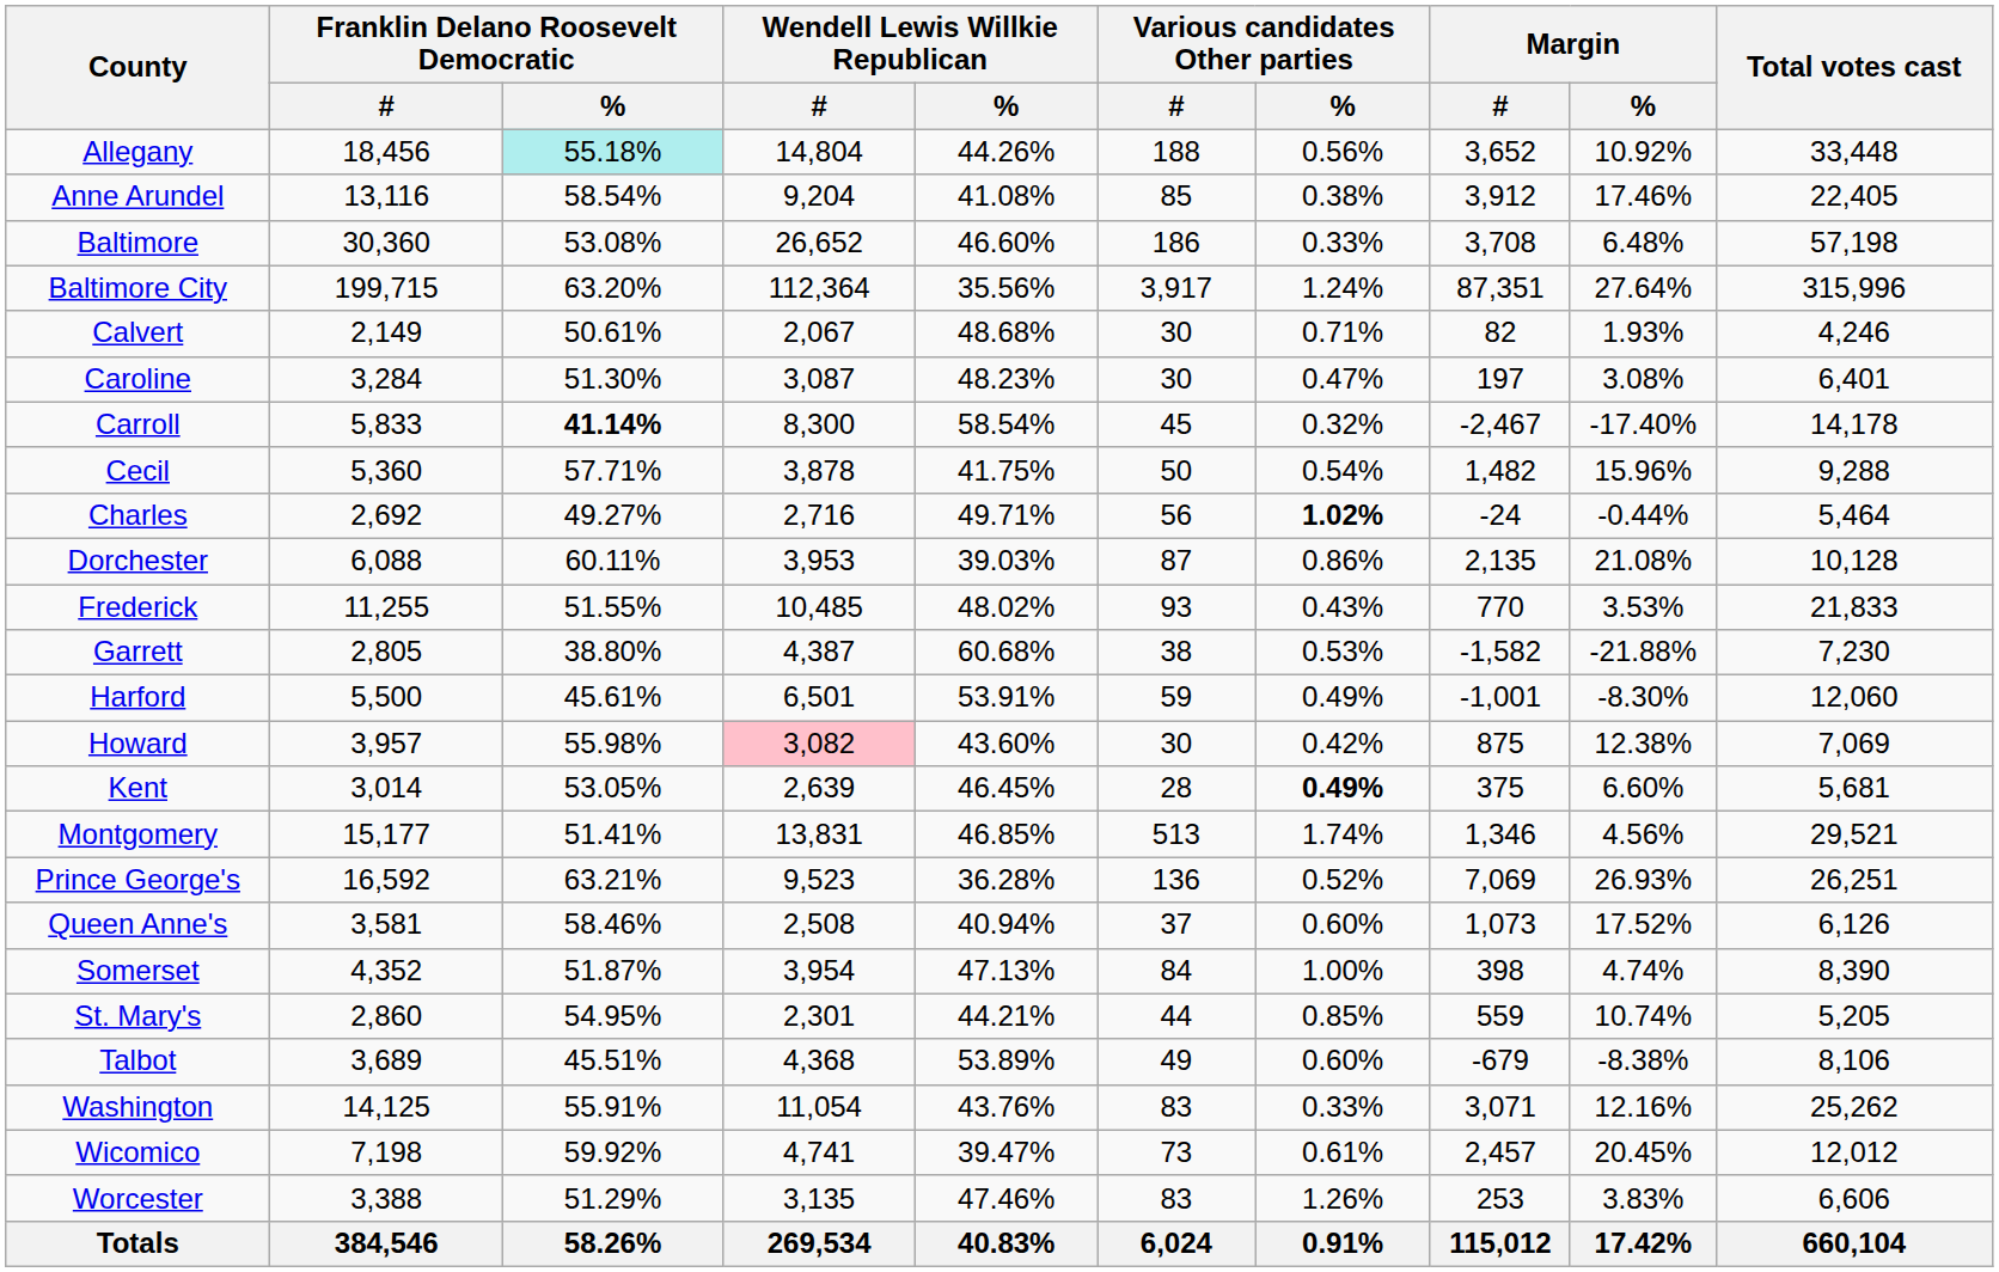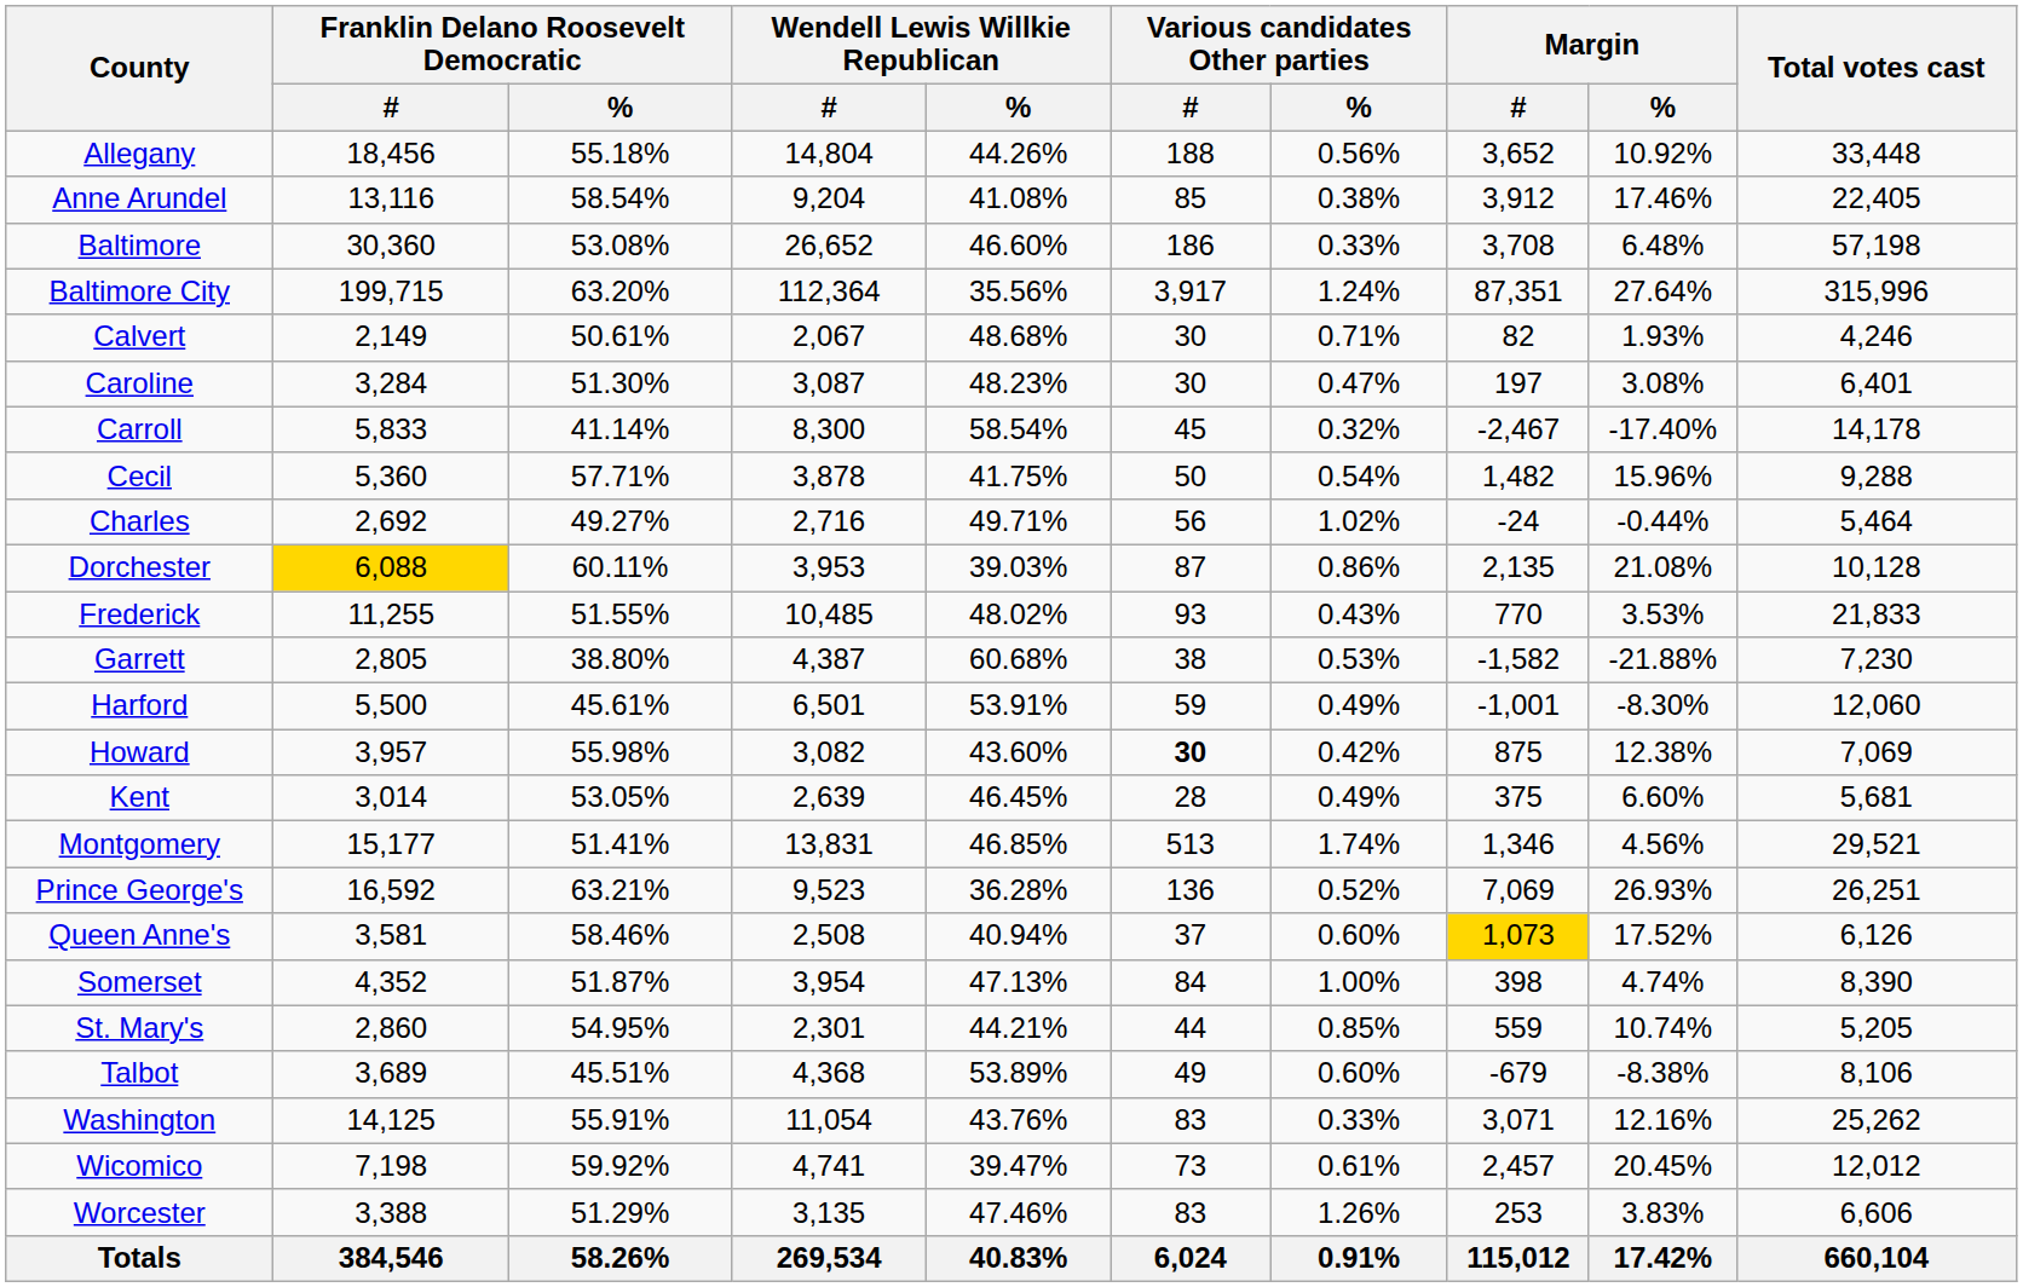 <table width="70%"  class="wikitable sortable" style="text-align:center">
 <tr>
 <th style="text-align:center;" rowspan="2">County</th>
 <th style="text-align:center;" colspan="2">Franklin Delano Roosevelt<br>Democratic</th>
 <th style="text-align:center;" colspan="2">Wendell Lewis Willkie<br>Republican</th>
 <th colspan="2" style="text-align:center;">Various candidates<br>Other parties</th>
 <th style="text-align:center;" colspan="2">Margin</th>
 <th style="text-align:center;" rowspan="2">Total votes cast</th>
 </tr>
 <tr>
 <th style="text-align:center;" data-sort-type="number">#</th>
 <th style="text-align:center;" data-sort-type="number">%</th>
 <th style="text-align:center;" data-sort-type="number">#</th>
 <th style="text-align:center;" data-sort-type="number">%</th>
 <th style="text-align:center;" data-sort-type="number">#</th>
 <th style="text-align:center;" data-sort-type="number">%</th>
 <th style="text-align:center;" data-sort-type="number">#</th>
 <th style="text-align:center;" data-sort-type="number">%</th>
 </tr>
 <tr style="text-align:center;">
 <td><a href='#'>Allegany</a></td>
 <td>18,456</td>
-<td style="background: paleturquoise;">55.18%</td>
+<td>55.18%</td>
 <td>14,804</td>
 <td>44.26%</td>
 <td>188</td>
 <td>0.56%</td>
 <td>3,652</td>
 <td>10.92%</td>
 <td>33,448</td>
 </tr>
 <tr style="text-align:center;">
 <td><a href='#'>Anne Arundel</a></td>
 <td>13,116</td>
 <td>58.54%</td>
 <td>9,204</td>
 <td>41.08%</td>
 <td>85</td>
 <td>0.38%</td>
 <td>3,912</td>
 <td>17.46%</td>
 <td>22,405</td>
 </tr>
 <tr style="text-align:center;">
 <td><a href='#'>Baltimore</a></td>
 <td>30,360</td>
 <td>53.08%</td>
 <td>26,652</td>
 <td>46.60%</td>
 <td>186</td>
 <td>0.33%</td>
 <td>3,708</td>
 <td>6.48%</td>
 <td>57,198</td>
 </tr>
 <tr style="text-align:center;">
 <td><a href='#'>Baltimore City</a></td>
 <td>199,715</td>
 <td>63.20%</td>
 <td>112,364</td>
 <td>35.56%</td>
 <td>3,917</td>
 <td>1.24%</td>
 <td>87,351</td>
 <td>27.64%</td>
 <td>315,996</td>
 </tr>
 <tr style="text-align:center;">
 <td><a href='#'>Calvert</a></td>
 <td>2,149</td>
 <td>50.61%</td>
 <td>2,067</td>
 <td>48.68%</td>
 <td>30</td>
 <td>0.71%</td>
 <td>82</td>
 <td>1.93%</td>
 <td>4,246</td>
 </tr>
 <tr style="text-align:center;">
 <td><a href='#'>Caroline</a></td>
 <td>3,284</td>
 <td>51.30%</td>
 <td>3,087</td>
 <td>48.23%</td>
 <td>30</td>
 <td>0.47%</td>
 <td>197</td>
 <td>3.08%</td>
 <td>6,401</td>
 </tr>
 <tr style="text-align:center;">
 <td><a href='#'>Carroll</a></td>
 <td>5,833</td>
-<td><strong>41.14%</strong></td>
+<td>41.14%</td>
 <td>8,300</td>
 <td>58.54%</td>
 <td>45</td>
 <td>0.32%</td>
 <td>-2,467</td>
 <td>-17.40%</td>
 <td>14,178</td>
 </tr>
 <tr style="text-align:center;">
 <td><a href='#'>Cecil</a></td>
 <td>5,360</td>
 <td>57.71%</td>
 <td>3,878</td>
 <td>41.75%</td>
 <td>50</td>
 <td>0.54%</td>
 <td>1,482</td>
 <td>15.96%</td>
 <td>9,288</td>
 </tr>
 <tr style="text-align:center;">
 <td><a href='#'>Charles</a></td>
 <td>2,692</td>
 <td>49.27%</td>
 <td>2,716</td>
 <td>49.71%</td>
 <td>56</td>
-<td><strong>1.02%</strong></td>
+<td>1.02%</td>
 <td>-24</td>
 <td>-0.44%</td>
 <td>5,464</td>
 </tr>
 <tr style="text-align:center;">
 <td><a href='#'>Dorchester</a></td>
-<td>6,088</td>
+<td style="background: gold;">6,088</td>
 <td>60.11%</td>
 <td>3,953</td>
 <td>39.03%</td>
 <td>87</td>
 <td>0.86%</td>
 <td>2,135</td>
 <td>21.08%</td>
 <td>10,128</td>
 </tr>
 <tr style="text-align:center;">
 <td><a href='#'>Frederick</a></td>
 <td>11,255</td>
 <td>51.55%</td>
 <td>10,485</td>
 <td>48.02%</td>
 <td>93</td>
 <td>0.43%</td>
 <td>770</td>
 <td>3.53%</td>
 <td>21,833</td>
 </tr>
 <tr style="text-align:center;">
 <td><a href='#'>Garrett</a></td>
 <td>2,805</td>
 <td>38.80%</td>
 <td>4,387</td>
 <td>60.68%</td>
 <td>38</td>
 <td>0.53%</td>
 <td>-1,582</td>
 <td>-21.88%</td>
 <td>7,230</td>
 </tr>
 <tr style="text-align:center;">
 <td><a href='#'>Harford</a></td>
 <td>5,500</td>
 <td>45.61%</td>
 <td>6,501</td>
 <td>53.91%</td>
 <td>59</td>
 <td>0.49%</td>
 <td>-1,001</td>
 <td>-8.30%</td>
 <td>12,060</td>
 </tr>
 <tr style="text-align:center;">
 <td><a href='#'>Howard</a></td>
 <td>3,957</td>
 <td>55.98%</td>
-<td style="background: pink;">3,082</td>
+<td>3,082</td>
 <td>43.60%</td>
-<td>30</td>
+<td><strong>30</strong></td>
 <td>0.42%</td>
 <td>875</td>
 <td>12.38%</td>
 <td>7,069</td>
 </tr>
 <tr style="text-align:center;">
 <td><a href='#'>Kent</a></td>
 <td>3,014</td>
 <td>53.05%</td>
 <td>2,639</td>
 <td>46.45%</td>
 <td>28</td>
-<td><strong>0.49%</strong></td>
+<td>0.49%</td>
 <td>375</td>
 <td>6.60%</td>
 <td>5,681</td>
 </tr>
 <tr style="text-align:center;">
 <td><a href='#'>Montgomery</a></td>
 <td>15,177</td>
 <td>51.41%</td>
 <td>13,831</td>
 <td>46.85%</td>
 <td>513</td>
 <td>1.74%</td>
 <td>1,346</td>
 <td>4.56%</td>
 <td>29,521</td>
 </tr>
 <tr style="text-align:center;">
 <td><a href='#'>Prince George's</a></td>
 <td>16,592</td>
 <td>63.21%</td>
 <td>9,523</td>
 <td>36.28%</td>
 <td>136</td>
 <td>0.52%</td>
 <td>7,069</td>
 <td>26.93%</td>
 <td>26,251</td>
 </tr>
 <tr style="text-align:center;">
 <td><a href='#'>Queen Anne's</a></td>
 <td>3,581</td>
 <td>58.46%</td>
 <td>2,508</td>
 <td>40.94%</td>
 <td>37</td>
 <td>0.60%</td>
-<td>1,073</td>
+<td style="background: gold;">1,073</td>
 <td>17.52%</td>
 <td>6,126</td>
 </tr>
 <tr style="text-align:center;">
 <td><a href='#'>Somerset</a></td>
 <td>4,352</td>
 <td>51.87%</td>
 <td>3,954</td>
 <td>47.13%</td>
 <td>84</td>
 <td>1.00%</td>
 <td>398</td>
 <td>4.74%</td>
 <td>8,390</td>
 </tr>
 <tr style="text-align:center;">
 <td><a href='#'>St. Mary's</a></td>
 <td>2,860</td>
 <td>54.95%</td>
 <td>2,301</td>
 <td>44.21%</td>
 <td>44</td>
 <td>0.85%</td>
 <td>559</td>
 <td>10.74%</td>
 <td>5,205</td>
 </tr>
 <tr style="text-align:center;">
 <td><a href='#'>Talbot</a></td>
 <td>3,689</td>
 <td>45.51%</td>
 <td>4,368</td>
 <td>53.89%</td>
 <td>49</td>
 <td>0.60%</td>
 <td>-679</td>
 <td>-8.38%</td>
 <td>8,106</td>
 </tr>
 <tr style="text-align:center;">
 <td><a href='#'>Washington</a></td>
 <td>14,125</td>
 <td>55.91%</td>
 <td>11,054</td>
 <td>43.76%</td>
 <td>83</td>
 <td>0.33%</td>
 <td>3,071</td>
 <td>12.16%</td>
 <td>25,262</td>
 </tr>
 <tr style="text-align:center;">
 <td><a href='#'>Wicomico</a></td>
 <td>7,198</td>
 <td>59.92%</td>
 <td>4,741</td>
 <td>39.47%</td>
 <td>73</td>
 <td>0.61%</td>
 <td>2,457</td>
 <td>20.45%</td>
 <td>12,012</td>
 </tr>
 <tr style="text-align:center;">
 <td><a href='#'>Worcester</a></td>
 <td>3,388</td>
 <td>51.29%</td>
 <td>3,135</td>
 <td>47.46%</td>
 <td>83</td>
 <td>1.26%</td>
 <td>253</td>
 <td>3.83%</td>
 <td>6,606</td>
 </tr>
 <tr style="text-align:center;">
 <th>Totals</th>
 <th>384,546</th>
 <th>58.26%</th>
 <th>269,534</th>
 <th>40.83%</th>
 <th>6,024</th>
 <th>0.91%</th>
 <th>115,012</th>
 <th>17.42%</th>
 <th>660,104</th>
 </tr>
 </table>
